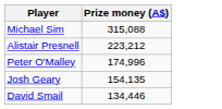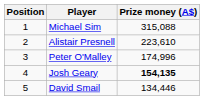 <table class="wikitable">
 <tr>
+<th>Position</th>
 <th>Player</th>
 <th>Prize money (<a href='#'>A$</a>)</th>
 </tr>
 <tr>
+<td align=center>1</td>
 <td> <a href='#'>Michael Sim</a></td>
 <td align=center>315,088</td>
 </tr>
 <tr>
+<td align=center>2</td>
 <td> <a href='#'>Alistair Presnell</a></td>
-<td align=center>223,212</td>
+<td align=center>223,610</td>
 </tr>
 <tr>
+<td align=center>3</td>
 <td> <a href='#'>Peter O'Malley</a></td>
 <td align=center>174,996</td>
 </tr>
 <tr>
+<td align=center>4</td>
 <td> <a href='#'>Josh Geary</a></td>
-<td align=center>154,135</td>
+<td align=center><strong>154,135</strong></td>
 </tr>
 <tr>
+<td align=center>5</td>
 <td> <a href='#'>David Smail</a></td>
 <td align=center>134,446</td>
 </tr>
 </table>
